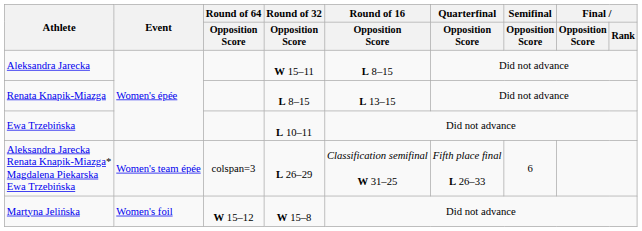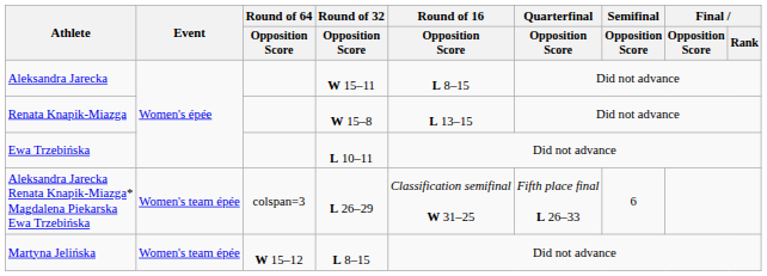 <table class="wikitable" style="text-align:center; font-size:90%">
 <tr>
 <th rowspan=2>Athlete</th>
 <th rowspan=2>Event</th>
 <th>Round of 64</th>
 <th>Round of 32</th>
 <th>Round of 16</th>
 <th>Quarterfinal</th>
 <th>Semifinal</th>
 <th colspan=2>Final / </th>
 </tr>
 <tr style="font-size:95%">
 <th>Opposition <br> Score</th>
 <th>Opposition <br> Score</th>
 <th>Opposition <br> Score</th>
 <th>Opposition <br> Score</th>
 <th>Opposition <br> Score</th>
 <th>Opposition <br> Score</th>
 <th>Rank</th>
 </tr>
 <tr>
 <td align=left><a href='#'>Aleksandra Jarecka</a></td>
 <td align=left rowspan=3><a href='#'>Women's épée</a></td>
 <td></td>
 <td><br><strong>W</strong> 15–11</td>
 <td><br><strong>L</strong> 8–15</td>
 <td colspan=4>Did not advance</td>
 </tr>
 <tr>
 <td align=left><a href='#'>Renata Knapik-Miazga</a></td>
 <td></td>
-<td><br><strong>L</strong> 8–15</td>
+<td><br><strong>W</strong> 15–8</td>
 <td><br> <strong>L</strong> 13–15</td>
 <td colspan=4>Did not advance</td>
 </tr>
 <tr>
 <td align=left><a href='#'>Ewa Trzebińska</a></td>
 <td></td>
 <td><br><strong>L</strong> 10–11</td>
 <td colspan=5>Did not advance</td>
 </tr>
 <tr>
 <td align=left><a href='#'>Aleksandra Jarecka</a><br><a href='#'>Renata Knapik-Miazga</a>*<br><a href='#'>Magdalena Piekarska</a><br><a href='#'>Ewa Trzebińska</a></td>
 <td align=left><a href='#'>Women's team épée</a></td>
 <td>colspan=3 </td>
 <td><br><strong>L</strong> 26–29</td>
 <td><em>Classification semifinal</em><br><br><strong>W</strong> 31–25</td>
 <td><em>Fifth place final</em><br><br><strong>L</strong> 26–33</td>
 <td>6</td>
 </tr>
 <tr>
 <td align=left><a href='#'>Martyna Jelińska</a></td>
-<td align=left><a href='#'>Women's foil</a></td>
+<td align=left><a href='#'>Women's team épée</a></td>
 <td><br><strong>W</strong> 15–12</td>
-<td><br><strong>W</strong> 15–8</td>
+<td><br><strong>L</strong> 8–15</td>
 <td colspan=5>Did not advance</td>
 </tr>
 </table>
